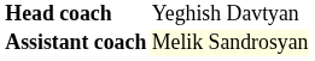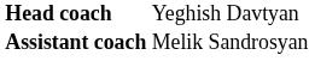 <table style="text-align: center; ">
 <tr>
 <td align=left><strong>Head coach</strong></td>
 <td align=left> Yeghish Davtyan</td>
 </tr>
 <tr>
 <td align=left><strong>Assistant coach</strong></td>
-<td align=left style="background: lightyellow;"> Melik Sandrosyan</td>
+<td align=left> Melik Sandrosyan</td>
 </tr>
 </table>
